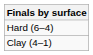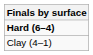 <table class=wikitable style=font-size:90%>
 <tr>
 <th>Finals by surface</th>
 </tr>
 <tr>
-<td>Hard (6–4)</td>
+<td><strong>Hard (6–4)</strong></td>
 </tr>
 <tr>
 <td>Clay (4–1)</td>
 </tr>
 </table>
